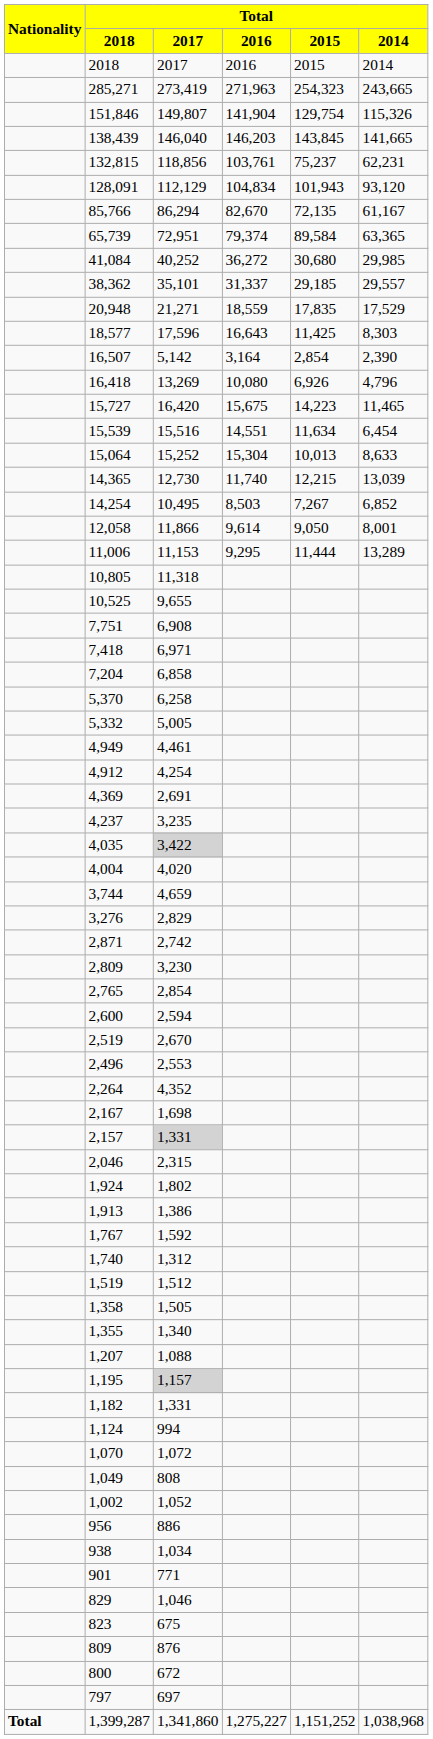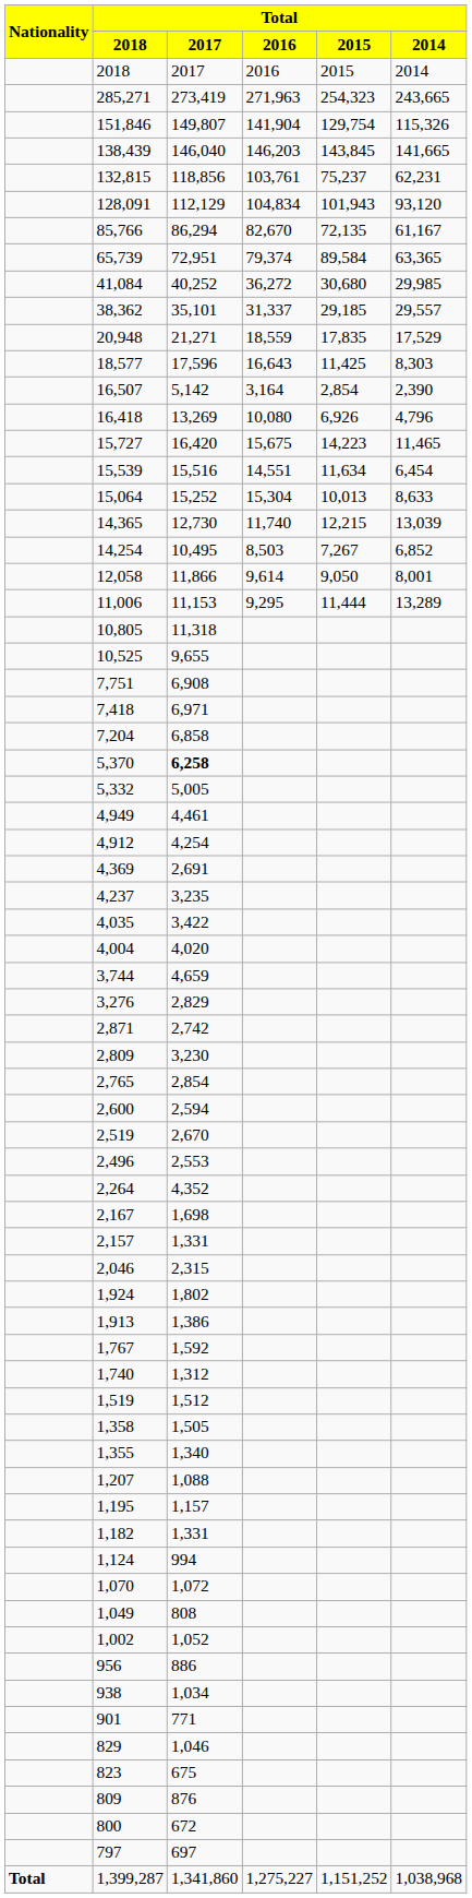 <table class="wikitable sortable collapsible collapsed">
 <tr>
 <th rowspan=2  style=background:#FFFF00>Nationality</th>
 <th colspan=5  style=background:#FFFF00>Total</th>
 </tr>
 <tr>
 <th style=background:#FFFF00>2018</th>
 <th style=background:#FFFF00>2017</th>
 <th style=background:#FFFF00>2016</th>
 <th style=background:#FFFF00>2015</th>
 <th style=background:#FFFF00>2014</th>
 </tr>
 <tr>
 <td></td>
 <td>2018</td>
 <td>2017</td>
 <td>2016</td>
 <td>2015</td>
 <td>2014</td>
 </tr>
 <tr>
 <td></td>
 <td>285,271</td>
 <td>273,419</td>
 <td>271,963</td>
 <td>254,323</td>
 <td>243,665</td>
 </tr>
 <tr>
 <td></td>
 <td>151,846</td>
 <td>149,807</td>
 <td>141,904</td>
 <td>129,754</td>
 <td>115,326</td>
 </tr>
 <tr>
 <td></td>
 <td>138,439</td>
 <td>146,040</td>
 <td>146,203</td>
 <td>143,845</td>
 <td>141,665</td>
 </tr>
 <tr>
 <td></td>
 <td>132,815</td>
 <td>118,856</td>
 <td>103,761</td>
 <td>75,237</td>
 <td>62,231</td>
 </tr>
 <tr>
 <td></td>
 <td>128,091</td>
 <td>112,129</td>
 <td>104,834</td>
 <td>101,943</td>
 <td>93,120</td>
 </tr>
 <tr>
 <td></td>
 <td>85,766</td>
 <td>86,294</td>
 <td>82,670</td>
 <td>72,135</td>
 <td>61,167</td>
 </tr>
 <tr>
 <td></td>
 <td>65,739</td>
 <td>72,951</td>
 <td>79,374</td>
 <td>89,584</td>
 <td>63,365</td>
 </tr>
 <tr>
 <td></td>
 <td>41,084</td>
 <td>40,252</td>
 <td>36,272</td>
 <td>30,680</td>
 <td>29,985</td>
 </tr>
 <tr>
 <td></td>
 <td>38,362</td>
 <td>35,101</td>
 <td>31,337</td>
 <td>29,185</td>
 <td>29,557</td>
 </tr>
 <tr>
 <td></td>
 <td>20,948</td>
 <td>21,271</td>
 <td>18,559</td>
 <td>17,835</td>
 <td>17,529</td>
 </tr>
 <tr>
 <td></td>
 <td>18,577</td>
 <td>17,596</td>
 <td>16,643</td>
 <td>11,425</td>
 <td>8,303</td>
 </tr>
 <tr>
 <td></td>
 <td>16,507</td>
 <td>5,142</td>
 <td>3,164</td>
 <td>2,854</td>
 <td>2,390</td>
 </tr>
 <tr>
 <td></td>
 <td>16,418</td>
 <td>13,269</td>
 <td>10,080</td>
 <td>6,926</td>
 <td>4,796</td>
 </tr>
 <tr>
 <td></td>
 <td>15,727</td>
 <td>16,420</td>
 <td>15,675</td>
 <td>14,223</td>
 <td>11,465</td>
 </tr>
 <tr>
 <td></td>
 <td>15,539</td>
 <td>15,516</td>
 <td>14,551</td>
 <td>11,634</td>
 <td>6,454</td>
 </tr>
 <tr>
 <td></td>
 <td>15,064</td>
 <td>15,252</td>
 <td>15,304</td>
 <td>10,013</td>
 <td>8,633</td>
 </tr>
 <tr>
 <td></td>
 <td>14,365</td>
 <td>12,730</td>
 <td>11,740</td>
 <td>12,215</td>
 <td>13,039</td>
 </tr>
 <tr>
 <td></td>
 <td>14,254</td>
 <td>10,495</td>
 <td>8,503</td>
 <td>7,267</td>
 <td>6,852</td>
 </tr>
 <tr>
 <td></td>
 <td>12,058</td>
 <td>11,866</td>
 <td>9,614</td>
 <td>9,050</td>
 <td>8,001</td>
 </tr>
 <tr>
 <td></td>
 <td>11,006</td>
 <td>11,153</td>
 <td>9,295</td>
 <td>11,444</td>
 <td>13,289</td>
 </tr>
 <tr>
 <td></td>
 <td>10,805</td>
 <td>11,318</td>
 <td></td>
 <td></td>
 <td></td>
 </tr>
 <tr>
 <td></td>
 <td>10,525</td>
 <td>9,655</td>
 <td></td>
 <td></td>
 <td></td>
 </tr>
 <tr>
 <td></td>
 <td>7,751</td>
 <td>6,908</td>
 <td></td>
 <td></td>
 <td></td>
 </tr>
 <tr>
 <td></td>
 <td>7,418</td>
 <td>6,971</td>
 <td></td>
 <td></td>
 <td></td>
 </tr>
 <tr>
 <td></td>
 <td>7,204</td>
 <td>6,858</td>
 <td></td>
 <td></td>
 <td></td>
 </tr>
 <tr>
 <td></td>
 <td>5,370</td>
-<td>6,258</td>
+<td><strong>6,258</strong></td>
 <td></td>
 <td></td>
 <td></td>
 </tr>
 <tr>
 <td></td>
 <td>5,332</td>
 <td>5,005</td>
 <td></td>
 <td></td>
 <td></td>
 </tr>
 <tr>
 <td></td>
 <td>4,949</td>
 <td>4,461</td>
 <td></td>
 <td></td>
 <td></td>
 </tr>
 <tr>
 <td></td>
 <td>4,912</td>
 <td>4,254</td>
 <td></td>
 <td></td>
 <td></td>
 </tr>
 <tr>
 <td></td>
 <td>4,369</td>
 <td>2,691</td>
 <td></td>
 <td></td>
 <td></td>
 </tr>
 <tr>
 <td></td>
 <td>4,237</td>
 <td>3,235</td>
 <td></td>
 <td></td>
 <td></td>
 </tr>
 <tr>
 <td></td>
 <td>4,035</td>
-<td style="background: lightgrey;">3,422</td>
+<td>3,422</td>
 <td></td>
 <td></td>
 <td></td>
 </tr>
 <tr>
 <td></td>
 <td>4,004</td>
 <td>4,020</td>
 <td></td>
 <td></td>
 <td></td>
 </tr>
 <tr>
 <td></td>
 <td>3,744</td>
 <td>4,659</td>
 <td></td>
 <td></td>
 <td></td>
 </tr>
 <tr>
 <td></td>
 <td>3,276</td>
 <td>2,829</td>
 <td></td>
 <td></td>
 <td></td>
 </tr>
 <tr>
 <td></td>
 <td>2,871</td>
 <td>2,742</td>
 <td></td>
 <td></td>
 <td></td>
 </tr>
 <tr>
 <td></td>
 <td>2,809</td>
 <td>3,230</td>
 <td></td>
 <td></td>
 <td></td>
 </tr>
 <tr>
 <td></td>
 <td>2,765</td>
 <td>2,854</td>
 <td></td>
 <td></td>
 <td></td>
 </tr>
 <tr>
 <td></td>
 <td>2,600</td>
 <td>2,594</td>
 <td></td>
 <td></td>
 <td></td>
 </tr>
 <tr>
 <td></td>
 <td>2,519</td>
 <td>2,670</td>
 <td></td>
 <td></td>
 <td></td>
 </tr>
 <tr>
 <td></td>
 <td>2,496</td>
 <td>2,553</td>
 <td></td>
 <td></td>
 <td></td>
 </tr>
 <tr>
 <td></td>
 <td>2,264</td>
 <td>4,352</td>
 <td></td>
 <td></td>
 <td></td>
 </tr>
 <tr>
 <td></td>
 <td>2,167</td>
 <td>1,698</td>
 <td></td>
 <td></td>
 <td></td>
 </tr>
 <tr>
 <td></td>
 <td>2,157</td>
-<td style="background: lightgrey;">1,331</td>
+<td>1,331</td>
 <td></td>
 <td></td>
 <td></td>
 </tr>
 <tr>
 <td></td>
 <td>2,046</td>
 <td>2,315</td>
 <td></td>
 <td></td>
 <td></td>
 </tr>
 <tr>
 <td></td>
 <td>1,924</td>
 <td>1,802</td>
 <td></td>
 <td></td>
 <td></td>
 </tr>
 <tr>
 <td></td>
 <td>1,913</td>
 <td>1,386</td>
 <td></td>
 <td></td>
 <td></td>
 </tr>
 <tr>
 <td></td>
 <td>1,767</td>
 <td>1,592</td>
 <td></td>
 <td></td>
 <td></td>
 </tr>
 <tr>
 <td></td>
 <td>1,740</td>
 <td>1,312</td>
 <td></td>
 <td></td>
 <td></td>
 </tr>
 <tr>
 <td></td>
 <td>1,519</td>
 <td>1,512</td>
 <td></td>
 <td></td>
 <td></td>
 </tr>
 <tr>
 <td></td>
 <td>1,358</td>
 <td>1,505</td>
 <td></td>
 <td></td>
 <td></td>
 </tr>
 <tr>
 <td></td>
 <td>1,355</td>
 <td>1,340</td>
 <td></td>
 <td></td>
 <td></td>
 </tr>
 <tr>
 <td></td>
 <td>1,207</td>
 <td>1,088</td>
 <td></td>
 <td></td>
 <td></td>
 </tr>
 <tr>
 <td></td>
 <td>1,195</td>
-<td style="background: lightgrey;">1,157</td>
+<td>1,157</td>
 <td></td>
 <td></td>
 <td></td>
 </tr>
 <tr>
 <td></td>
 <td>1,182</td>
 <td>1,331</td>
 <td></td>
 <td></td>
 <td></td>
 </tr>
 <tr>
 <td></td>
 <td>1,124</td>
 <td>994</td>
 <td></td>
 <td></td>
 <td></td>
 </tr>
 <tr>
 <td></td>
 <td>1,070</td>
 <td>1,072</td>
 <td></td>
 <td></td>
 <td></td>
 </tr>
 <tr>
 <td></td>
 <td>1,049</td>
 <td>808</td>
 <td></td>
 <td></td>
 <td></td>
 </tr>
 <tr>
 <td></td>
 <td>1,002</td>
 <td>1,052</td>
 <td></td>
 <td></td>
 <td></td>
 </tr>
 <tr>
 <td></td>
 <td>956</td>
 <td>886</td>
 <td></td>
 <td></td>
 <td></td>
 </tr>
 <tr>
 <td></td>
 <td>938</td>
 <td>1,034</td>
 <td></td>
 <td></td>
 <td></td>
 </tr>
 <tr>
 <td></td>
 <td>901</td>
 <td>771</td>
 <td></td>
 <td></td>
 <td></td>
 </tr>
 <tr>
 <td></td>
 <td>829</td>
 <td>1,046</td>
 <td></td>
 <td></td>
 <td></td>
 </tr>
 <tr>
 <td></td>
 <td>823</td>
 <td>675</td>
 <td></td>
 <td></td>
 <td></td>
 </tr>
 <tr>
 <td></td>
 <td>809</td>
 <td>876</td>
 <td></td>
 <td></td>
 <td></td>
 </tr>
 <tr>
 <td></td>
 <td>800</td>
 <td>672</td>
 <td></td>
 <td></td>
 <td></td>
 </tr>
 <tr>
 <td></td>
 <td>797</td>
 <td>697</td>
 <td></td>
 <td></td>
 <td></td>
 </tr>
 <tr>
 <td><strong>Total</strong></td>
 <td>1,399,287</td>
 <td>1,341,860</td>
 <td>1,275,227</td>
 <td>1,151,252</td>
 <td>1,038,968</td>
 </tr>
 </table>
